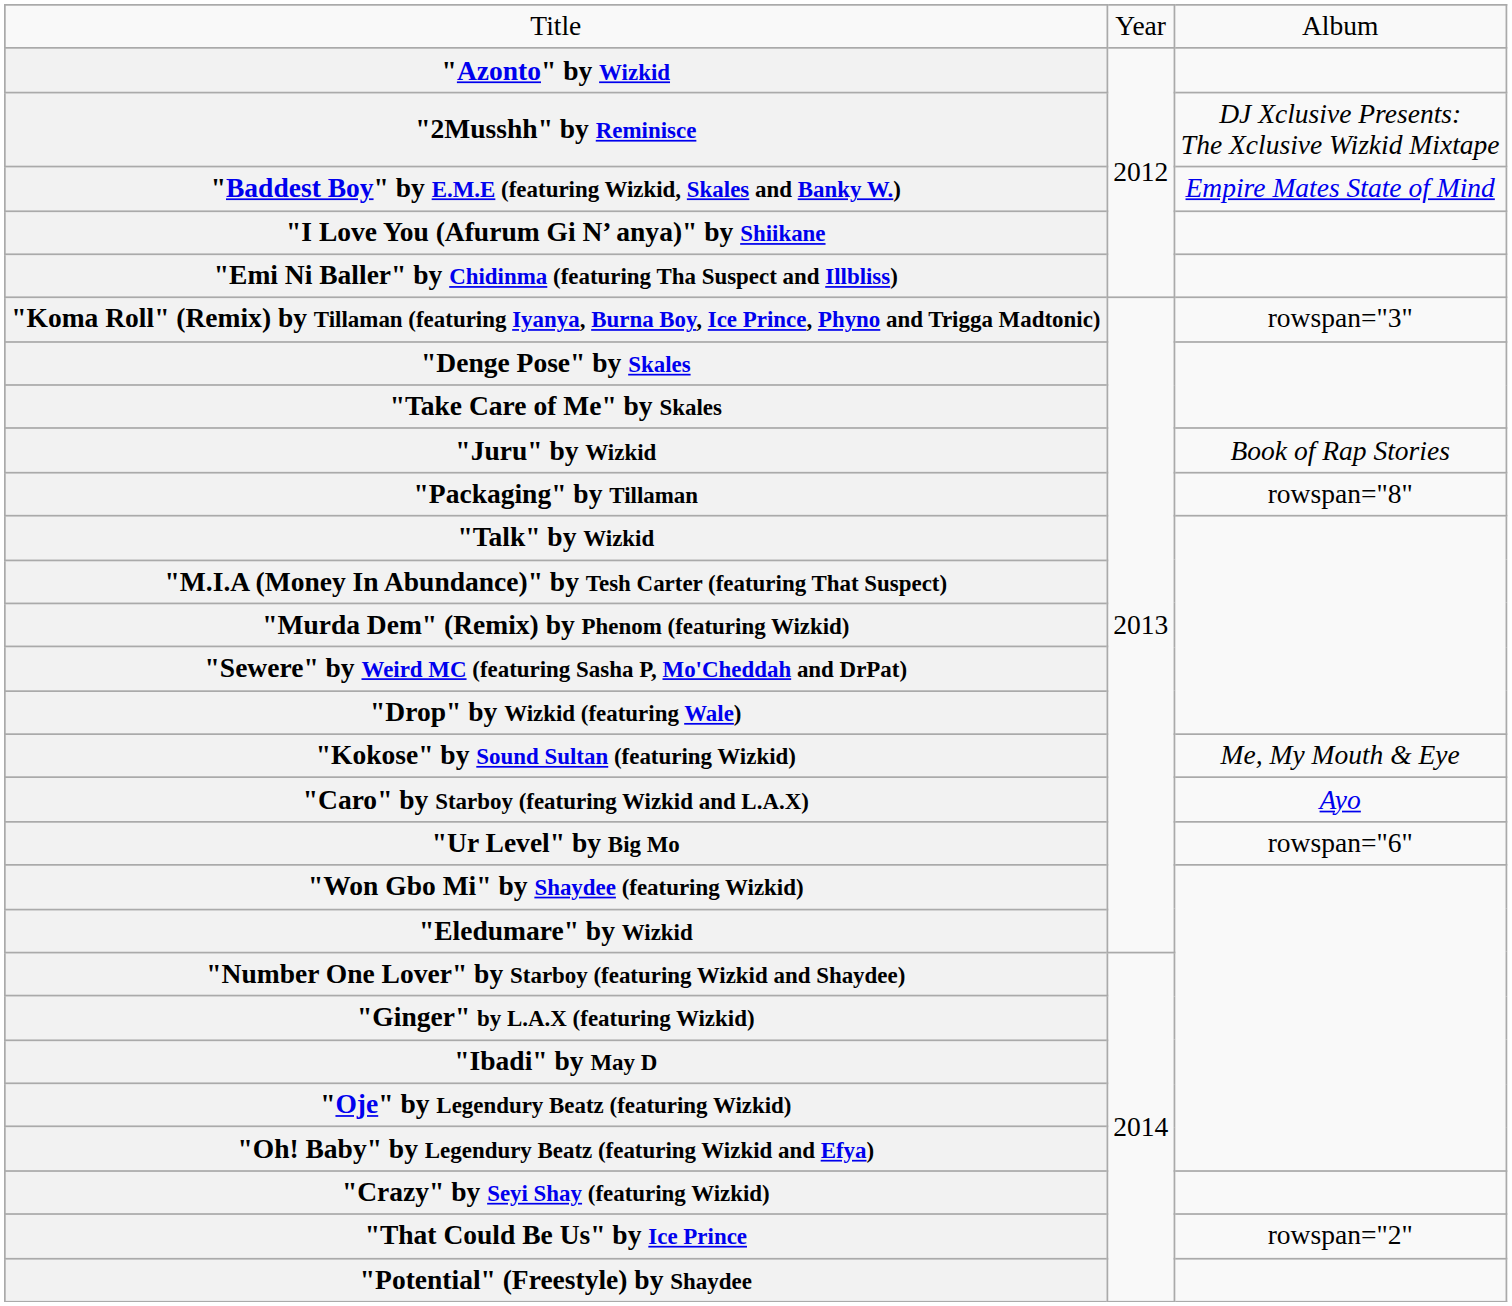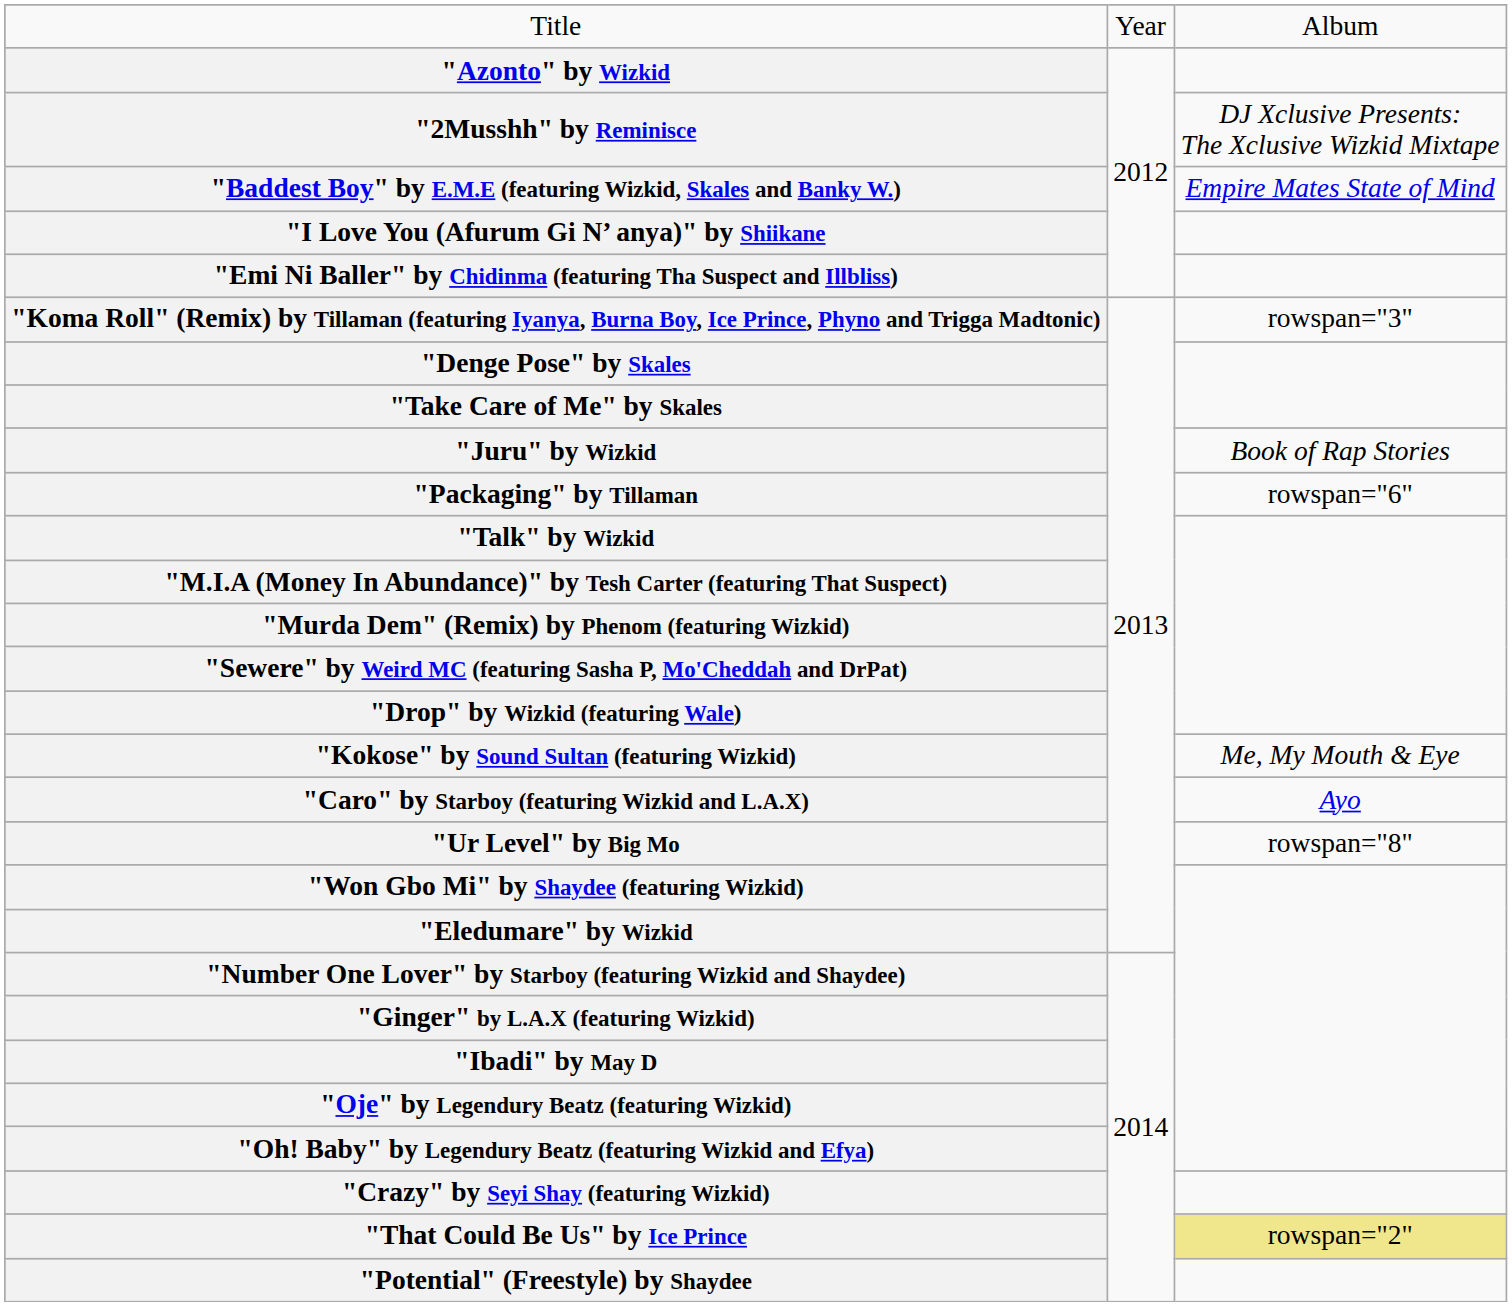 <table class="wikitable plainrowheaders" style="text-align:center;">
 <tr>
 <td>Title</td>
 <td>Year</td>
 <td>Album</td>
 </tr>
 <tr>
 <th scope="row">"<a href='#'>Azonto</a>" by <small><a href='#'>Wizkid</a></small></th>
 <td rowspan="5">2012</td>
 <td></td>
 </tr>
 <tr>
 <th scope="row">"2Musshh" by <small><a href='#'>Reminisce</a></small></th>
 <td><em>DJ Xclusive Presents: <br>The Xclusive Wizkid Mixtape</em></td>
 </tr>
 <tr>
 <th scope="row">"<a href='#'>Baddest Boy</a>" by <small><a href='#'>E.M.E</a> (featuring Wizkid, <a href='#'>Skales</a> and <a href='#'>Banky W.</a>)</small></th>
 <td><em><a href='#'>Empire Mates State of Mind</a></em></td>
 </tr>
 <tr>
 <th scope="row">"I Love You (Afurum Gi N’ anya)" by <small><a href='#'>Shiikane</a></small></th>
 <td></td>
 </tr>
 <tr>
 <th scope="row">"Emi Ni Baller" by <small><a href='#'>Chidinma</a> (featuring Tha Suspect and <a href='#'>Illbliss</a>)</small></th>
 <td></td>
 </tr>
 <tr>
 <th scope="row">"Koma Roll" (Remix) by <small>Tillaman (featuring <a href='#'>Iyanya</a>, <a href='#'>Burna Boy</a>, <a href='#'>Ice Prince</a>, <a href='#'>Phyno</a> and Trigga Madtonic)</small></th>
 <td rowspan="15">2013</td>
 <td>rowspan="3" </td>
 </tr>
 <tr>
 <th scope="row">"Denge Pose" by <small><a href='#'>Skales</a></small></th>
 </tr>
 <tr>
 <th scope="row">"Take Care of Me" by <small>Skales</small></th>
 </tr>
 <tr>
 <th scope="row">"Juru" by <small>Wizkid</small></th>
 <td><em>Book of Rap Stories</em></td>
 </tr>
 <tr>
 <th scope="row">"Packaging" by <small>Tillaman</small></th>
-<td>rowspan="8" </td>
+<td>rowspan="6" </td>
 </tr>
 <tr>
 <th scope="row">"Talk" by <small>Wizkid</small></th>
 </tr>
 <tr>
 <th scope="row">"M.I.A (Money In Abundance)" by <small>Tesh Carter (featuring That Suspect)</small></th>
 </tr>
 <tr>
 <th scope="row">"Murda Dem" (Remix) by <small>Phenom (featuring Wizkid)</small></th>
 </tr>
 <tr>
 <th scope="row">"Sewere" by <small><a href='#'>Weird MC</a> (featuring Sasha P, <a href='#'>Mo'Cheddah</a> and DrPat)</small></th>
 </tr>
 <tr>
 <th scope="row">"Drop" by <small>Wizkid (featuring <a href='#'>Wale</a>)</small></th>
 </tr>
 <tr>
 <th scope="row">"Kokose" by <small><a href='#'>Sound Sultan</a> (featuring Wizkid)</small></th>
 <td><em>Me, My Mouth & Eye</em></td>
 </tr>
 <tr>
 <th scope="row">"Caro" by <small>Starboy (featuring Wizkid and L.A.X)</small></th>
 <td><em><a href='#'>Ayo</a></em></td>
 </tr>
 <tr>
 <th scope="row">"Ur Level" by <small>Big Mo</small></th>
-<td>rowspan="6" </td>
+<td>rowspan="8" </td>
 </tr>
 <tr>
 <th scope="row">"Won Gbo Mi" by <small><a href='#'>Shaydee</a> (featuring Wizkid)</small></th>
 </tr>
 <tr>
 <th scope="row">"Eledumare" by <small>Wizkid</small></th>
 </tr>
 <tr>
 <th scope="row">"Number One Lover" by <small>Starboy (featuring Wizkid and Shaydee)</small></th>
 <td rowspan="8">2014</td>
 </tr>
 <tr>
 <th scope="row">"Ginger" <small>by L.A.X (featuring Wizkid)</small></th>
 </tr>
 <tr>
 <th scope="row">"Ibadi" by <small>May D</small></th>
 </tr>
 <tr>
 <th scope="row">"<a href='#'>Oje</a>" by <small>Legendury Beatz (featuring Wizkid)</small></th>
 </tr>
 <tr>
 <th scope="row">"Oh! Baby" by <small>Legendury Beatz (featuring Wizkid and <a href='#'>Efya</a>)</small></th>
 </tr>
 <tr>
 <th scope="row">"Crazy" by <small><a href='#'>Seyi Shay</a> (featuring Wizkid)</small></th>
 <td></td>
 </tr>
 <tr>
 <th scope="row">"That Could Be Us" by <small><a href='#'>Ice Prince</a></small></th>
-<td>rowspan="2" </td>
+<td style="background: khaki;">rowspan="2" </td>
 </tr>
 <tr>
 <th scope="row">"Potential" (Freestyle) by <small>Shaydee</small></th>
 </tr>
 </table>
